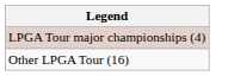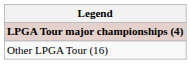 <table class="wikitable" style="font-size:95%;">
 <tr>
 <th>Legend</th>
 </tr>
 <tr style="background:#e5d1cb;">
-<td>LPGA Tour major championships (4)</td>
+<td><strong>LPGA Tour major championships (4)</strong></td>
 </tr>
 <tr>
 <td>Other LPGA Tour (16)</td>
 </tr>
 </table>
